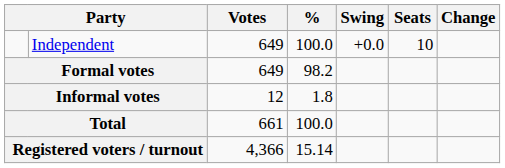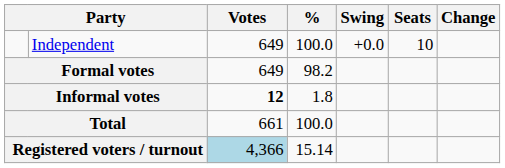 <table class="wikitable" style="text-align:right; margin-bottom:0">
 <tr>
 <th style="width:10px" colspan=3>Party</th>
 <th style="width:70px;">Votes</th>
 <th style="width:40px;">%</th>
 <th style="width:40px;">Swing</th>
 <th style="width:40px;">Seats</th>
 <th style="width:40px;">Change</th>
 </tr>
 <tr>
 <td> </td>
 <td style="text-align:left;" colspan="2"><a href='#'>Independent</a></td>
 <td>649</td>
 <td>100.0</td>
 <td>+0.0</td>
 <td>10</td>
 <td></td>
 </tr>
 <tr>
 <th colspan="3" rowspan="1"> Formal votes</th>
 <td>649</td>
 <td>98.2</td>
 <td></td>
 <td></td>
 <td></td>
 </tr>
 <tr>
 <th colspan="3" rowspan="1"> Informal votes</th>
-<td>12</td>
+<td><strong>12</strong></td>
 <td>1.8</td>
 <td></td>
 <td></td>
 <td></td>
 </tr>
 <tr>
 <th colspan="3" rowspan="1"> <strong>Total </strong></th>
 <td>661</td>
 <td>100.0</td>
 <td></td>
 <td></td>
 <td></td>
 </tr>
 <tr>
 <th colspan="3" rowspan="1"> Registered voters / turnout</th>
-<td>4,366</td>
+<td style="background: lightblue;">4,366</td>
 <td>15.14</td>
 <td></td>
 <td></td>
 <td></td>
 </tr>
 </table>
